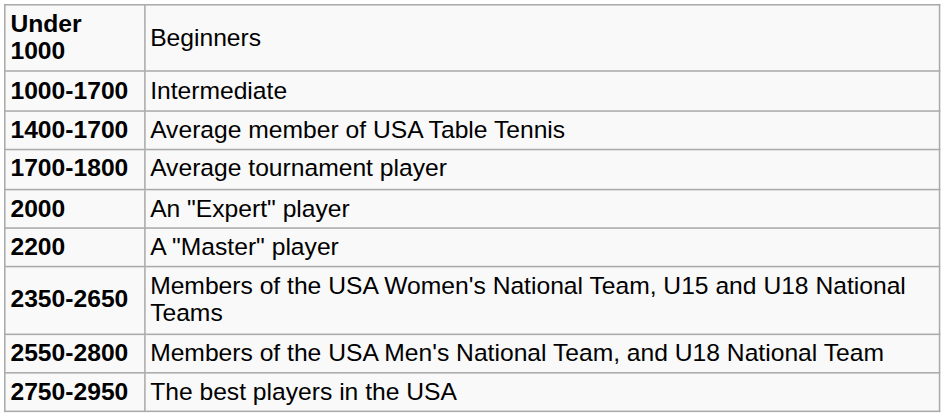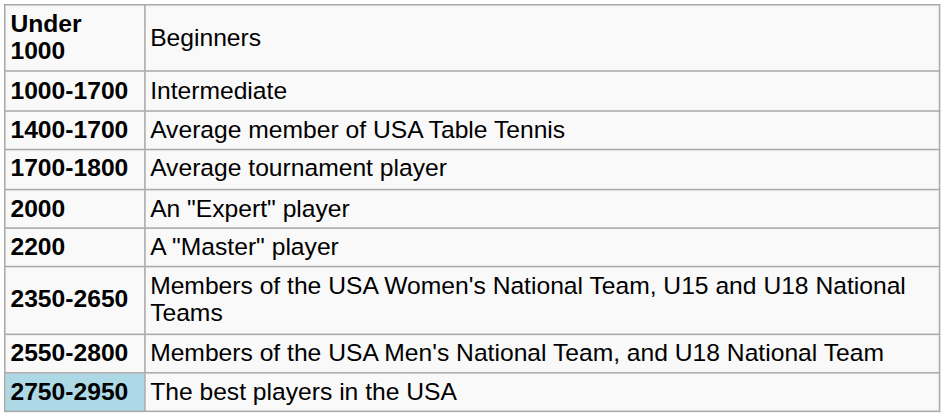 <table class="wikitable">
 <tr>
 <td><strong>Under 1000</strong></td>
 <td>Beginners</td>
 </tr>
 <tr>
 <td><strong>1000-1700</strong></td>
 <td>Intermediate</td>
 </tr>
 <tr>
 <td><strong>1400-1700</strong></td>
 <td>Average member of USA Table Tennis</td>
 </tr>
 <tr>
 <td><strong>1700-1800</strong></td>
 <td>Average tournament player</td>
 </tr>
 <tr>
 <td><strong>2000</strong></td>
 <td>An "Expert" player</td>
 </tr>
 <tr>
 <td><strong>2200</strong></td>
 <td>A "Master" player</td>
 </tr>
 <tr>
 <td><strong>2350-2650</strong></td>
 <td>Members of the USA Women's National Team, U15 and U18 National Teams</td>
 </tr>
 <tr>
 <td><strong>2550-2800</strong></td>
 <td>Members of the USA Men's National Team, and U18 National Team</td>
 </tr>
 <tr>
-<td><strong>2750-2950</strong></td>
+<td style="background: lightblue;"><strong>2750-2950</strong></td>
 <td>The best players in the USA</td>
 </tr>
 </table>
